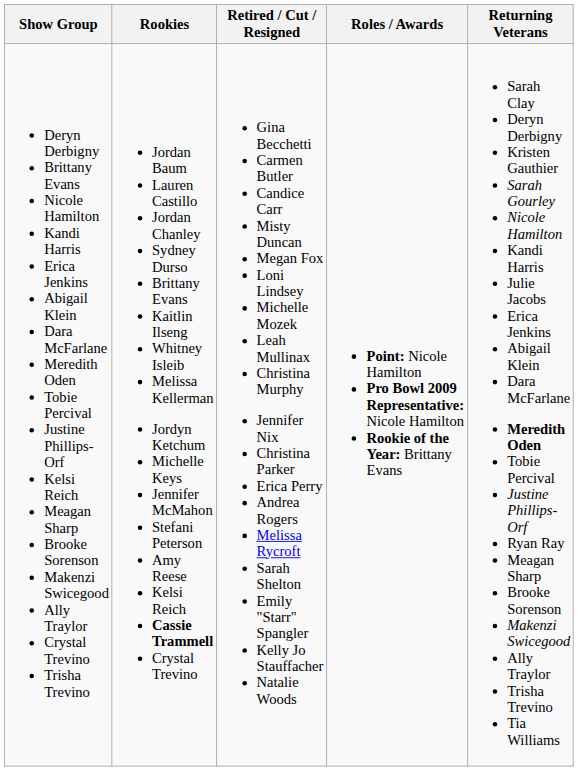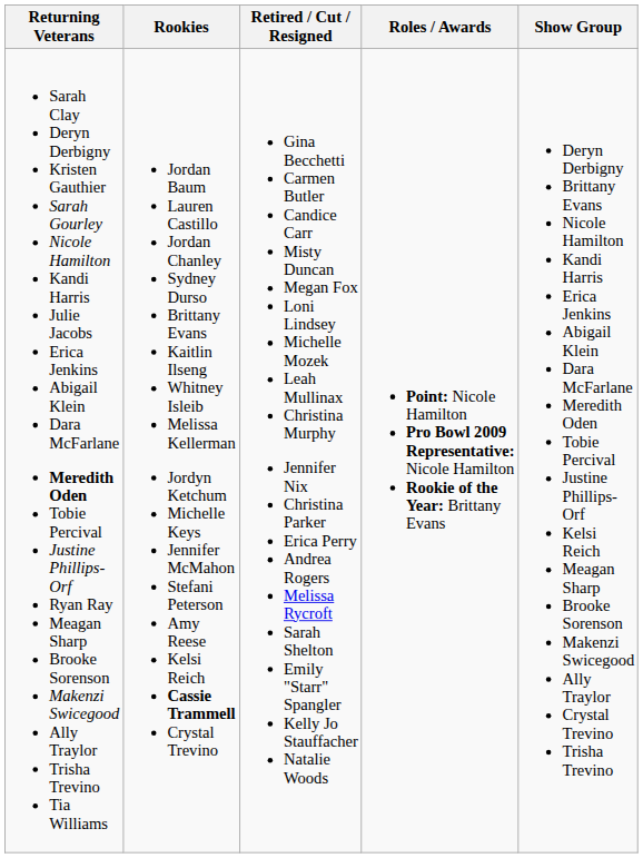 <table class="wikitable" style="width:100%;">
 <tr>
-<th>Show Group</th>
+<th>Returning Veterans</th>
 <th>Rookies</th>
 <th>Retired / Cut / Resigned</th>
 <th>Roles / Awards</th>
-<th>Returning Veterans</th>
+<th>Show Group</th>
 </tr>
 <tr>
-<td><br><ul><li>Deryn Derbigny</li><li>Brittany Evans</li><li>Nicole Hamilton</li><li>Kandi Harris</li><li>Erica Jenkins</li><li>Abigail Klein</li><li>Dara McFarlane</li><li>Meredith Oden</li><li>Tobie Percival</li><li>Justine Phillips-Orf</li><li>Kelsi Reich</li><li>Meagan Sharp</li><li>Brooke Sorenson</li><li>Makenzi Swicegood</li><li>Ally Traylor</li><li>Crystal Trevino</li><li>Trisha Trevino</li></ul></td>
+<td><br><ul><li>Sarah Clay</li><li>Deryn Derbigny</li><li>Kristen Gauthier</li><li><em>Sarah Gourley</em></li><li><em>Nicole Hamilton</em></li><li>Kandi Harris</li><li>Julie Jacobs</li><li>Erica Jenkins</li><li>Abigail Klein</li><li>Dara McFarlane</li></ul><ul><li><strong>Meredith Oden</strong></li><li>Tobie Percival</li><li><em>Justine Phillips-Orf</em></li><li>Ryan Ray</li><li>Meagan Sharp</li><li>Brooke Sorenson</li><li><em>Makenzi Swicegood</em></li><li>Ally Traylor</li><li>Trisha Trevino</li><li>Tia Williams</li></ul></td>
 <td><br><ul><li>Jordan Baum</li><li>Lauren Castillo</li><li>Jordan Chanley</li><li>Sydney Durso</li><li>Brittany Evans</li><li>Kaitlin Ilseng</li><li>Whitney Isleib</li><li>Melissa Kellerman</li></ul><ul><li>Jordyn Ketchum</li><li>Michelle Keys</li><li>Jennifer McMahon</li><li>Stefani Peterson</li><li>Amy Reese</li><li>Kelsi Reich</li><li><strong>Cassie Trammell</strong></li><li>Crystal Trevino</li></ul></td>
 <td><br><ul><li>Gina Becchetti </li><li>Carmen Butler </li><li>Candice Carr </li><li>Misty Duncan </li><li>Megan Fox </li><li>Loni Lindsey </li><li>Michelle Mozek </li><li>Leah Mullinax </li><li>Christina Murphy </li></ul><ul><li>Jennifer Nix </li><li>Christina Parker </li><li>Erica Perry </li><li>Andrea Rogers </li><li><a href='#'>Melissa Rycroft</a> </li><li>Sarah Shelton </li><li>Emily "Starr" Spangler </li><li>Kelly Jo Stauffacher </li><li>Natalie Woods </li></ul></td>
 <td><br><ul><li><strong>Point:</strong> Nicole Hamilton</li><li><strong>Pro Bowl 2009 Representative:</strong> Nicole Hamilton</li><li><strong>Rookie of the Year:</strong> Brittany Evans</li></ul></td>
-<td><br><ul><li>Sarah Clay</li><li>Deryn Derbigny</li><li>Kristen Gauthier</li><li><em>Sarah Gourley</em></li><li><em>Nicole Hamilton</em></li><li>Kandi Harris</li><li>Julie Jacobs</li><li>Erica Jenkins</li><li>Abigail Klein</li><li>Dara McFarlane</li></ul><ul><li><strong>Meredith Oden</strong></li><li>Tobie Percival</li><li><em>Justine Phillips-Orf</em></li><li>Ryan Ray</li><li>Meagan Sharp</li><li>Brooke Sorenson</li><li><em>Makenzi Swicegood</em></li><li>Ally Traylor</li><li>Trisha Trevino</li><li>Tia Williams</li></ul></td>
+<td><br><ul><li>Deryn Derbigny</li><li>Brittany Evans</li><li>Nicole Hamilton</li><li>Kandi Harris</li><li>Erica Jenkins</li><li>Abigail Klein</li><li>Dara McFarlane</li><li>Meredith Oden</li><li>Tobie Percival</li><li>Justine Phillips-Orf</li><li>Kelsi Reich</li><li>Meagan Sharp</li><li>Brooke Sorenson</li><li>Makenzi Swicegood</li><li>Ally Traylor</li><li>Crystal Trevino</li><li>Trisha Trevino</li></ul></td>
 </tr>
 </table>
